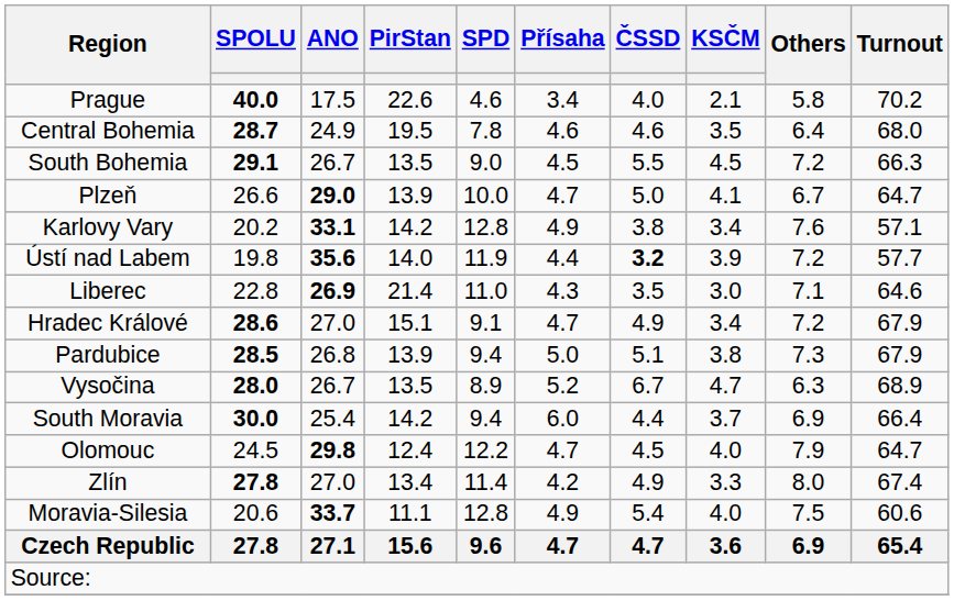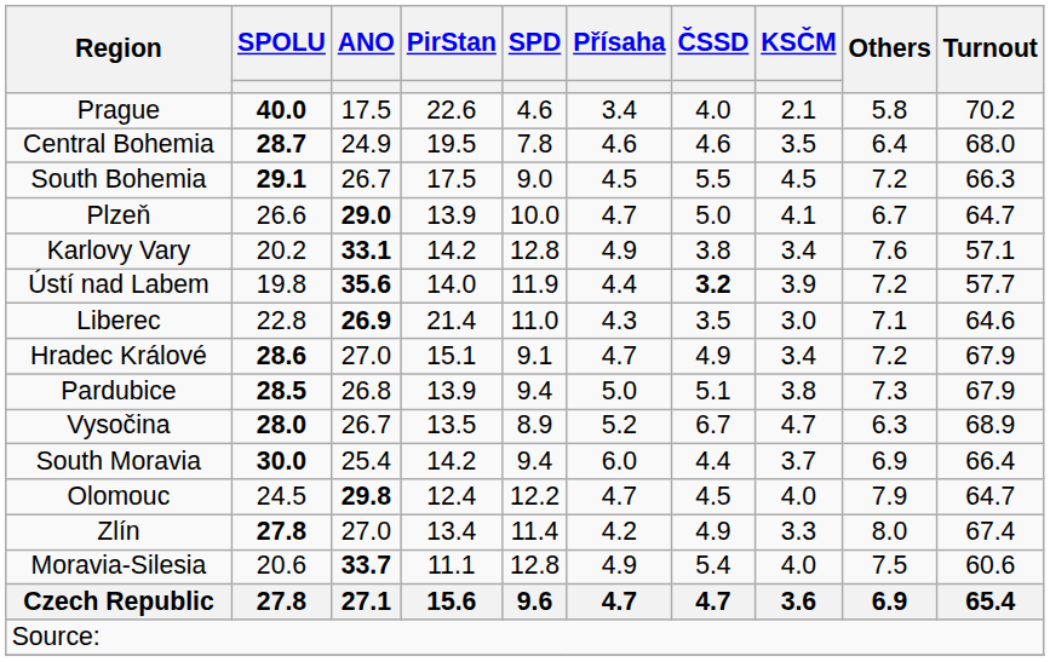 <table class="wikitable sortable" style="text-align:center; font-size:90%; line-height:13px;">
 <tr style="height:42px;">
 <th style="width:120px;" rowspan="2">Region</th>
 <th><a href='#'><span>SPOLU</span></a></th>
 <th><a href='#'><span>ANO</span></a></th>
 <th><a href='#'><span>PirStan</span></a></th>
 <th><a href='#'><span>SPD</span></a></th>
 <th><a href='#'><span>Přísaha</span></a></th>
 <th><a href='#'><span>ČSSD</span></a></th>
 <th><a href='#'><span>KSČM</span></a></th>
 <th style="width:20px;" rowspan="2">Others</th>
 <th style="width:20px;" rowspan="2">Turnout</th>
 </tr>
 <tr class="sorttop">
 <th class="unsortable" style="color:inherit;background:"></th>
 <th class="unsortable" style="color:inherit;background:"></th>
 <th class="unsortable" style="color:inherit;background:"></th>
 <th class="unsortable" style="color:inherit;background:"></th>
 <th class="unsortable" style="color:inherit;background:"></th>
 <th class="unsortable" style="color:inherit;background:"></th>
 <th class="unsortable" style="color:inherit;background:"></th>
 </tr>
 <tr>
 <td>Prague</td>
 <td><strong>40.0</strong></td>
 <td>17.5</td>
 <td>22.6</td>
 <td>4.6</td>
 <td>3.4</td>
 <td>4.0</td>
 <td>2.1</td>
 <td>5.8</td>
 <td>70.2</td>
 </tr>
 <tr>
 <td>Central Bohemia</td>
 <td><strong>28.7</strong></td>
 <td>24.9</td>
 <td>19.5</td>
 <td>7.8</td>
 <td>4.6</td>
 <td>4.6</td>
 <td>3.5</td>
 <td>6.4</td>
 <td>68.0</td>
 </tr>
 <tr>
 <td>South Bohemia</td>
 <td><strong>29.1</strong></td>
 <td>26.7</td>
-<td>13.5</td>
+<td>17.5</td>
 <td>9.0</td>
 <td>4.5</td>
 <td>5.5</td>
 <td>4.5</td>
 <td>7.2</td>
 <td>66.3</td>
 </tr>
 <tr>
 <td>Plzeň</td>
 <td>26.6</td>
 <td><strong>29.0</strong></td>
 <td>13.9</td>
 <td>10.0</td>
 <td>4.7</td>
 <td>5.0</td>
 <td>4.1</td>
 <td>6.7</td>
 <td>64.7</td>
 </tr>
 <tr>
 <td>Karlovy Vary</td>
 <td>20.2</td>
 <td><strong>33.1</strong></td>
 <td>14.2</td>
 <td>12.8</td>
 <td>4.9</td>
 <td>3.8</td>
 <td>3.4</td>
 <td>7.6</td>
 <td>57.1</td>
 </tr>
 <tr>
 <td>Ústí nad Labem</td>
 <td>19.8</td>
 <td><strong>35.6</strong></td>
 <td>14.0</td>
 <td>11.9</td>
 <td>4.4</td>
 <td><strong>3.2</strong></td>
 <td>3.9</td>
 <td>7.2</td>
 <td>57.7</td>
 </tr>
 <tr>
 <td>Liberec</td>
 <td>22.8</td>
 <td><strong>26.9</strong></td>
 <td>21.4</td>
 <td>11.0</td>
 <td>4.3</td>
 <td>3.5</td>
 <td>3.0</td>
 <td>7.1</td>
 <td>64.6</td>
 </tr>
 <tr>
 <td>Hradec Králové</td>
 <td><strong>28.6</strong></td>
 <td>27.0</td>
 <td>15.1</td>
 <td>9.1</td>
 <td>4.7</td>
 <td>4.9</td>
 <td>3.4</td>
 <td>7.2</td>
 <td>67.9</td>
 </tr>
 <tr>
 <td>Pardubice</td>
 <td><strong>28.5</strong></td>
 <td>26.8</td>
 <td>13.9</td>
 <td>9.4</td>
 <td>5.0</td>
 <td>5.1</td>
 <td>3.8</td>
 <td>7.3</td>
 <td>67.9</td>
 </tr>
 <tr>
 <td>Vysočina</td>
 <td><strong>28.0</strong></td>
 <td>26.7</td>
 <td>13.5</td>
 <td>8.9</td>
 <td>5.2</td>
 <td>6.7</td>
 <td>4.7</td>
 <td>6.3</td>
 <td>68.9</td>
 </tr>
 <tr>
 <td>South Moravia</td>
 <td><strong>30.0</strong></td>
 <td>25.4</td>
 <td>14.2</td>
 <td>9.4</td>
 <td>6.0</td>
 <td>4.4</td>
 <td>3.7</td>
 <td>6.9</td>
 <td>66.4</td>
 </tr>
 <tr>
 <td>Olomouc</td>
 <td>24.5</td>
 <td><strong>29.8</strong></td>
 <td>12.4</td>
 <td>12.2</td>
 <td>4.7</td>
 <td>4.5</td>
 <td>4.0</td>
 <td>7.9</td>
 <td>64.7</td>
 </tr>
 <tr>
 <td>Zlín</td>
 <td><strong>27.8</strong></td>
 <td>27.0</td>
 <td>13.4</td>
 <td>11.4</td>
 <td>4.2</td>
 <td>4.9</td>
 <td>3.3</td>
 <td>8.0</td>
 <td>67.4</td>
 </tr>
 <tr>
 <td>Moravia-Silesia</td>
 <td>20.6</td>
 <td><strong>33.7</strong></td>
 <td>11.1</td>
 <td>12.8</td>
 <td>4.9</td>
 <td>5.4</td>
 <td>4.0</td>
 <td>7.5</td>
 <td>60.6</td>
 </tr>
 <tr class="sortbottom">
 <th>Czech Republic</th>
 <th><strong>27.8</strong></th>
 <th>27.1</th>
 <th>15.6</th>
 <th>9.6</th>
 <th>4.7</th>
 <th>4.7</th>
 <th>3.6</th>
 <th>6.9</th>
 <th>65.4</th>
 </tr>
 <tr class="sortbottom">
 <td colspan=10 align=left>Source:</td>
 </tr>
 <tr>
 </tr>
 </table>
